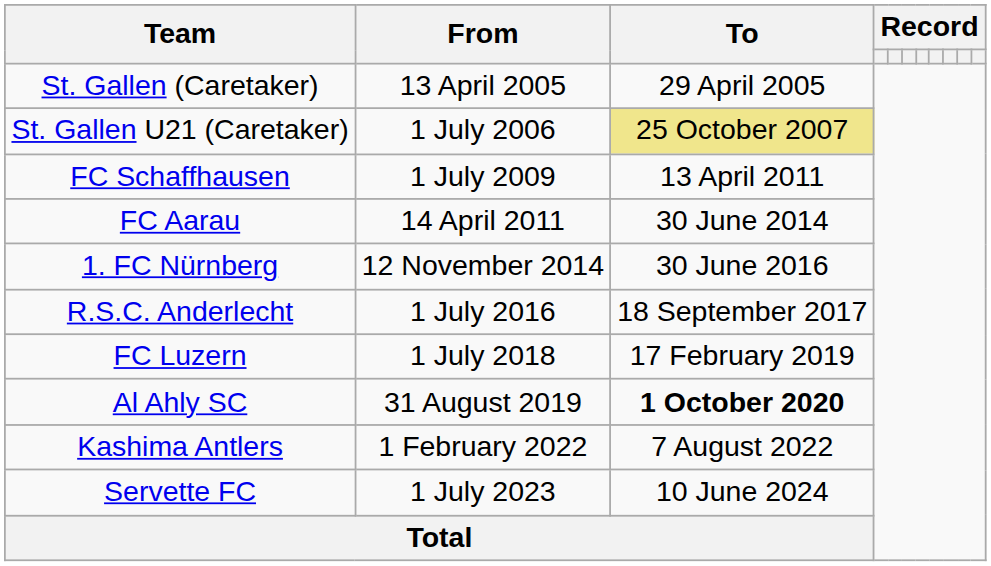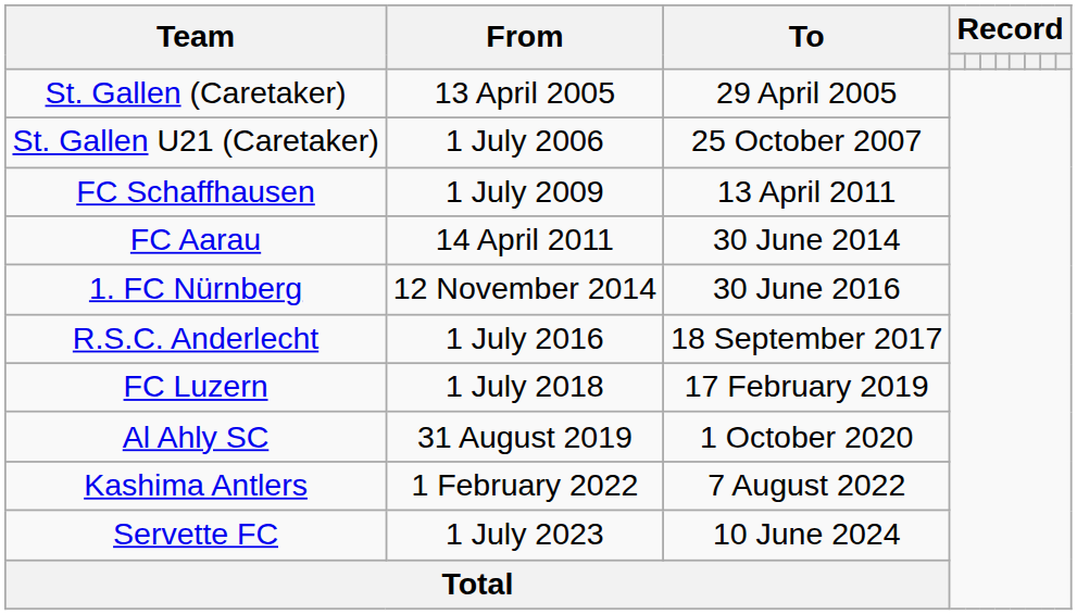 <table class="wikitable" style="text-align: center">
 <tr>
 <th rowspan="2">Team</th>
 <th rowspan="2">From</th>
 <th rowspan="2">To</th>
 <th colspan="8">Record</th>
 </tr>
 <tr>
 <th></th>
 <th></th>
 <th></th>
 <th></th>
 <th></th>
 <th></th>
 <th></th>
 <th></th>
 </tr>
 <tr>
 <td><a href='#'>St. Gallen</a> (Caretaker)</td>
 <td>13 April 2005</td>
 <td>29 April 2005<br></td>
 </tr>
 <tr>
 <td><a href='#'>St. Gallen</a> U21 (Caretaker)</td>
 <td>1 July 2006</td>
-<td style="background: khaki;">25 October 2007<br></td>
+<td>25 October 2007<br></td>
 </tr>
 <tr>
 <td><a href='#'>FC Schaffhausen</a></td>
 <td>1 July 2009</td>
 <td>13 April 2011<br></td>
 </tr>
 <tr>
 <td><a href='#'>FC Aarau</a></td>
 <td>14 April  2011</td>
 <td>30 June 2014<br></td>
 </tr>
 <tr>
 <td><a href='#'>1. FC Nürnberg</a></td>
 <td>12 November 2014</td>
 <td>30 June 2016<br></td>
 </tr>
 <tr>
 <td><a href='#'>R.S.C. Anderlecht</a></td>
 <td>1 July 2016</td>
 <td>18 September 2017<br></td>
 </tr>
 <tr>
 <td><a href='#'>FC Luzern</a></td>
 <td>1 July 2018</td>
 <td>17 February 2019<br></td>
 </tr>
 <tr>
 <td><a href='#'>Al Ahly SC</a></td>
 <td>31 August 2019</td>
-<td><strong>1 October 2020<br></strong></td>
+<td>1 October 2020<br></td>
 </tr>
 <tr>
 <td><a href='#'>Kashima Antlers</a></td>
 <td>1 February 2022</td>
 <td>7 August 2022<br></td>
 </tr>
 <tr>
 <td><a href='#'>Servette FC</a></td>
 <td>1 July 2023</td>
 <td>10 June 2024<br></td>
 </tr>
 <tr>
 <th colspan="3">Total<br></th>
 </tr>
 </table>
